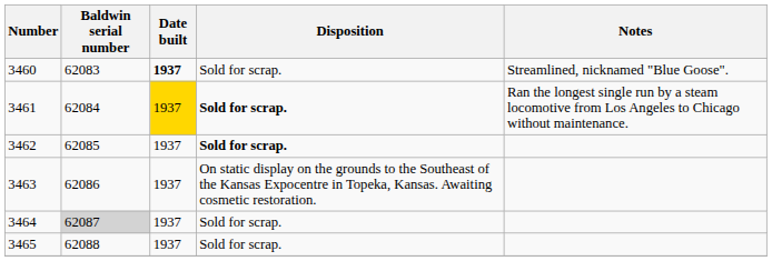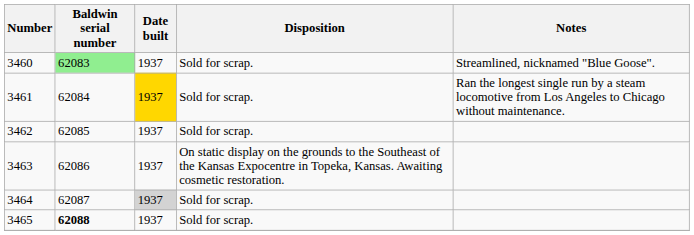 <table class="wikitable">
 <tr>
 <th>Number</th>
 <th>Baldwin serial number</th>
 <th>Date built</th>
 <th>Disposition</th>
 <th>Notes</th>
 </tr>
 <tr>
 <td>3460</td>
-<td>62083</td>
-<td><strong>1937</strong></td>
+<td style="background: lightgreen;">62083</td>
+<td>1937</td>
 <td>Sold for scrap.</td>
 <td>Streamlined, nicknamed "Blue Goose".</td>
 </tr>
 <tr>
 <td>3461</td>
 <td>62084</td>
 <td style="background: gold;">1937</td>
-<td><strong>Sold for scrap.</strong></td>
+<td>Sold for scrap.</td>
 <td>Ran the longest single run by a steam locomotive from Los Angeles to Chicago without maintenance.</td>
 </tr>
 <tr>
 <td>3462</td>
 <td>62085</td>
 <td>1937</td>
-<td><strong>Sold for scrap.</strong></td>
+<td>Sold for scrap.</td>
 <td></td>
 </tr>
 <tr>
 <td>3463</td>
 <td>62086</td>
 <td>1937</td>
 <td>On static display on the grounds to the Southeast of the Kansas Expocentre in Topeka, Kansas. Awaiting cosmetic restoration.</td>
 <td></td>
 </tr>
 <tr>
 <td>3464</td>
-<td style="background: lightgrey;">62087</td>
-<td>1937</td>
+<td>62087</td>
+<td style="background: lightgrey;">1937</td>
 <td>Sold for scrap.</td>
 <td></td>
 </tr>
 <tr>
 <td>3465</td>
-<td>62088</td>
+<td><strong>62088</strong></td>
 <td>1937</td>
 <td>Sold for scrap.</td>
 <td></td>
 </tr>
 <tr>
 </tr>
 </table>
